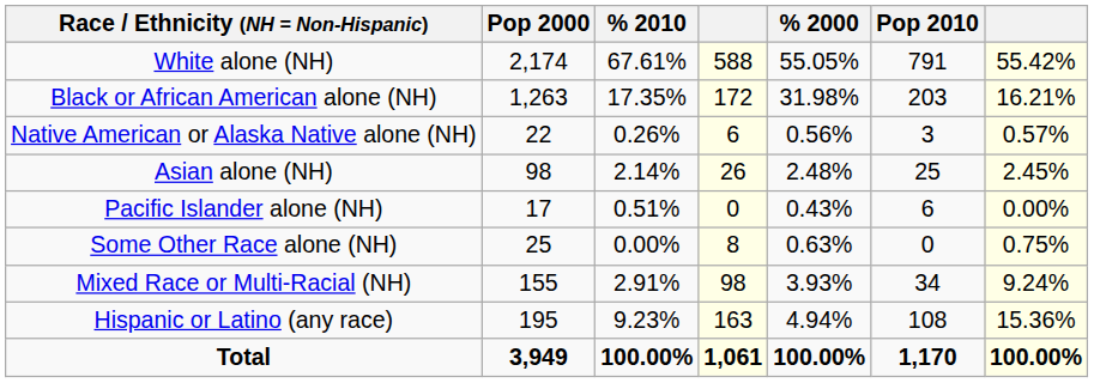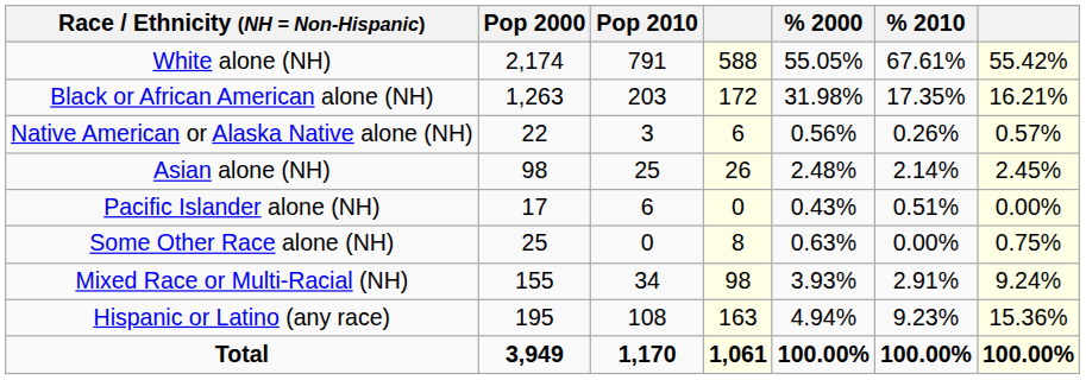 <table class="wikitable" style="text-align:center;">
 <tr>
 <th>Race / Ethnicity <small>(<em>NH = Non-Hispanic</em>)</small></th>
 <th>Pop 2000</th>
-<th>% 2010</th>
+<th>Pop 2010</th>
 <th></th>
 <th>% 2000</th>
-<th>Pop 2010</th>
+<th>% 2010</th>
 <th></th>
 </tr>
 <tr>
 <td><a href='#'>White</a> alone (NH)</td>
 <td>2,174</td>
-<td>67.61%</td>
+<td>791</td>
 <td style='background: #ffffe6;'>588</td>
 <td>55.05%</td>
-<td>791</td>
+<td>67.61%</td>
 <td style='background: #ffffe6;'>55.42%</td>
 </tr>
 <tr>
 <td><a href='#'>Black or African American</a> alone (NH)</td>
 <td>1,263</td>
-<td>17.35%</td>
+<td>203</td>
 <td style='background: #ffffe6;'>172</td>
 <td>31.98%</td>
-<td>203</td>
+<td>17.35%</td>
 <td style='background: #ffffe6;'>16.21%</td>
 </tr>
 <tr>
 <td><a href='#'>Native American</a> or <a href='#'>Alaska Native</a> alone (NH)</td>
 <td>22</td>
-<td>0.26%</td>
+<td>3</td>
 <td style='background: #ffffe6;'>6</td>
 <td>0.56%</td>
-<td>3</td>
+<td>0.26%</td>
 <td style='background: #ffffe6;'>0.57%</td>
 </tr>
 <tr>
 <td><a href='#'>Asian</a> alone (NH)</td>
 <td>98</td>
-<td>2.14%</td>
+<td>25</td>
 <td style='background: #ffffe6;'>26</td>
 <td>2.48%</td>
-<td>25</td>
+<td>2.14%</td>
 <td style='background: #ffffe6;'>2.45%</td>
 </tr>
 <tr>
 <td><a href='#'>Pacific Islander</a> alone (NH)</td>
 <td>17</td>
-<td>0.51%</td>
+<td>6</td>
 <td style='background: #ffffe6;'>0</td>
 <td>0.43%</td>
-<td>6</td>
+<td>0.51%</td>
 <td style='background: #ffffe6;'>0.00%</td>
 </tr>
 <tr>
 <td><a href='#'>Some Other Race</a> alone (NH)</td>
 <td>25</td>
-<td>0.00%</td>
+<td>0</td>
 <td style='background: #ffffe6;'>8</td>
 <td>0.63%</td>
-<td>0</td>
+<td>0.00%</td>
 <td style='background: #ffffe6;'>0.75%</td>
 </tr>
 <tr>
 <td><a href='#'>Mixed Race or Multi-Racial</a> (NH)</td>
 <td>155</td>
-<td>2.91%</td>
+<td>34</td>
 <td style='background: #ffffe6;'>98</td>
 <td>3.93%</td>
-<td>34</td>
+<td>2.91%</td>
 <td style='background: #ffffe6;'>9.24%</td>
 </tr>
 <tr>
 <td><a href='#'>Hispanic or Latino</a> (any race)</td>
 <td>195</td>
-<td>9.23%</td>
+<td>108</td>
 <td style='background: #ffffe6;'>163</td>
 <td>4.94%</td>
-<td>108</td>
+<td>9.23%</td>
 <td style='background: #ffffe6;'>15.36%</td>
 </tr>
 <tr>
 <td><strong>Total</strong></td>
 <td><strong>3,949</strong></td>
-<td><strong>100.00%</strong></td>
+<td><strong>1,170</strong></td>
 <td style='background: #ffffe6;'><strong>1,061</strong></td>
 <td><strong>100.00%</strong></td>
-<td><strong>1,170</strong></td>
+<td><strong>100.00%</strong></td>
 <td style='background: #ffffe6;'><strong>100.00%</strong></td>
 </tr>
 </table>
